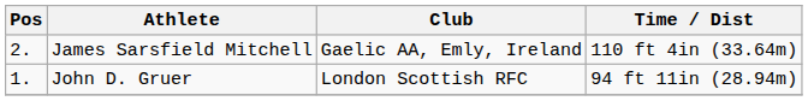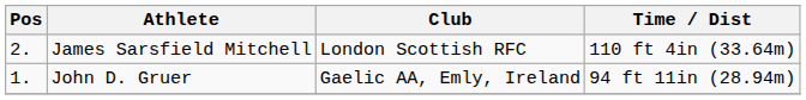 <table class="wikitable">
 <tr>
 <th>Pos</th>
 <th>Athlete</th>
 <th>Club</th>
 <th>Time / Dist</th>
 </tr>
 <tr>
 <td>2.</td>
 <td>James Sarsfield Mitchell</td>
-<td>Gaelic AA, Emly, Ireland</td>
+<td>London Scottish RFC</td>
 <td>110 ft 4in (33.64m)</td>
 </tr>
 <tr>
 <td>1.</td>
 <td>John D. Gruer</td>
-<td>London Scottish RFC</td>
+<td>Gaelic AA, Emly, Ireland</td>
 <td>94 ft 11in (28.94m)</td>
 </tr>
 <tr>
 </tr>
 </table>
